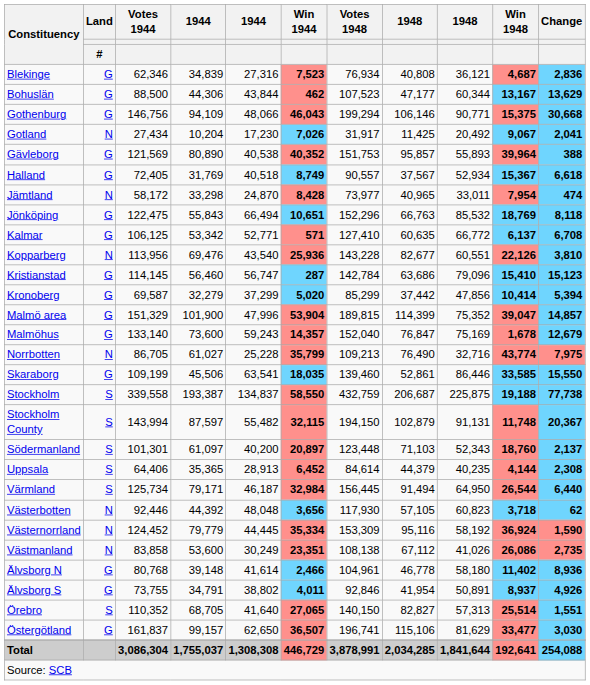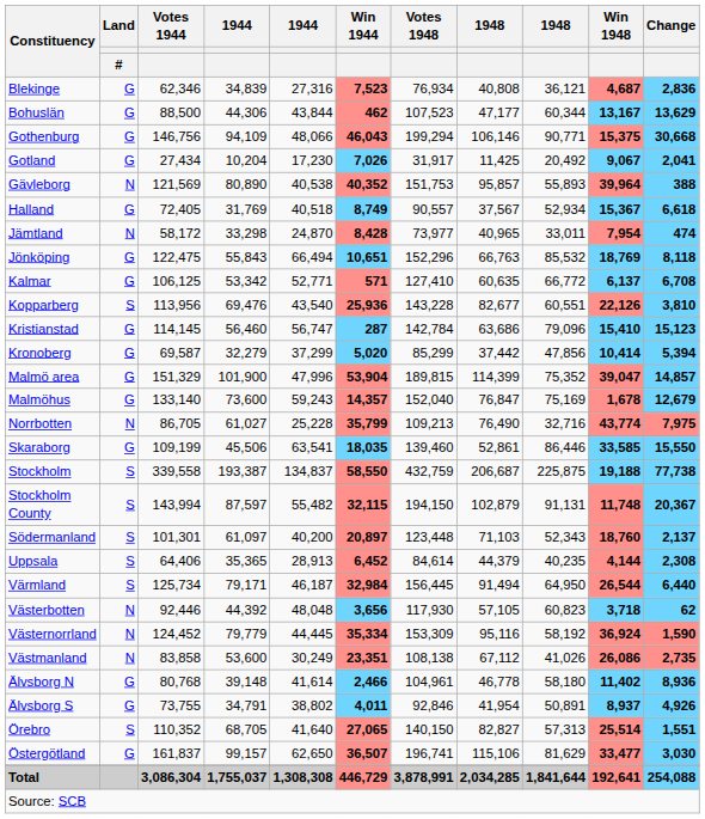 <table class="wikitable sortable" style="text-align:right; font-size:95%; line-height:20px;">
 <tr>
 <th rowspan="3">Constituency</th>
 <th>Land</th>
 <th width="30px" class="unsortable">Votes 1944</th>
 <th> 1944</th>
 <th> 1944</th>
 <th width="30px" class="unsortable">Win 1944</th>
 <th width="30px" class="unsortable">Votes 1948</th>
 <th> 1948</th>
 <th> 1948</th>
 <th width="30px" class="unsortable">Win 1948</th>
 <th width="30px" class="unsortable">Change</th>
 </tr>
 <tr>
 <th></th>
 <th></th>
 <th style="background:"></th>
 <th style="background:"></th>
 <th></th>
 <th></th>
 <th style="background:"></th>
 <th style="background:"></th>
 <th></th>
 <th></th>
 </tr>
 <tr>
 <th data-sort-type="number">#</th>
 <th data-sort-type="number"></th>
 <th data-sort-type="number"></th>
 <th data-sort-type="number"></th>
 <th data-sort-type="number"></th>
 <th data-sort-type="number"></th>
 <th data-sort-type="number"></th>
 <th data-sort-type="number"></th>
 <th data-sort-type="number"></th>
 <th data-sort-type="number"></th>
 </tr>
 <tr>
 <td align="left"><a href='#'>Blekinge</a></td>
 <td><a href='#'>G</a></td>
 <td>62,346</td>
 <td>34,839</td>
 <td>27,316</td>
 <td bgcolor=#ff908c><strong>7,523</strong></td>
 <td>76,934</td>
 <td>40,808</td>
 <td>36,121</td>
 <td bgcolor=#ff908c><strong>4,687</strong></td>
 <td bgcolor=#6fd5fe><strong>2,836</strong></td>
 </tr>
 <tr>
 <td align="left"><a href='#'>Bohuslän</a></td>
 <td><a href='#'>G</a></td>
 <td>88,500</td>
 <td>44,306</td>
 <td>43,844</td>
 <td bgcolor=#ff908c><strong>462</strong></td>
 <td>107,523</td>
 <td>47,177</td>
 <td>60,344</td>
 <td bgcolor=#6fd5fe><strong>13,167</strong></td>
 <td bgcolor=#6fd5fe><strong>13,629</strong></td>
 </tr>
 <tr>
 <td align="left"><a href='#'>Gothenburg</a></td>
 <td><a href='#'>G</a></td>
 <td>146,756</td>
 <td>94,109</td>
 <td>48,066</td>
 <td bgcolor=#ff908c><strong>46,043</strong></td>
 <td>199,294</td>
 <td>106,146</td>
 <td>90,771</td>
 <td bgcolor=#ff908c><strong>15,375</strong></td>
 <td bgcolor=#6fd5fe><strong>30,668</strong></td>
 </tr>
 <tr>
 <td align="left"><a href='#'>Gotland</a></td>
-<td><a href='#'>N</a></td>
+<td><a href='#'>G</a></td>
 <td>27,434</td>
 <td>10,204</td>
 <td>17,230</td>
 <td bgcolor=#6fd5fe><strong>7,026</strong></td>
 <td>31,917</td>
 <td>11,425</td>
 <td>20,492</td>
 <td bgcolor=#6fd5fe><strong>9,067</strong></td>
 <td bgcolor=#6fd5fe><strong>2,041</strong></td>
 </tr>
 <tr>
 <td align="left"><a href='#'>Gävleborg</a></td>
-<td><a href='#'>G</a></td>
+<td><a href='#'>N</a></td>
 <td>121,569</td>
 <td>80,890</td>
 <td>40,538</td>
 <td bgcolor=#ff908c><strong>40,352</strong></td>
 <td>151,753</td>
 <td>95,857</td>
 <td>55,893</td>
 <td bgcolor=#ff908c><strong>39,964</strong></td>
 <td bgcolor=#6fd5fe><strong>388</strong></td>
 </tr>
 <tr>
 <td align="left"><a href='#'>Halland</a></td>
 <td><a href='#'>G</a></td>
 <td>72,405</td>
 <td>31,769</td>
 <td>40,518</td>
 <td bgcolor=#6fd5fe><strong>8,749</strong></td>
 <td>90,557</td>
 <td>37,567</td>
 <td>52,934</td>
 <td bgcolor=#6fd5fe><strong>15,367</strong></td>
 <td bgcolor=#6fd5fe><strong>6,618</strong></td>
 </tr>
 <tr>
 <td align="left"><a href='#'>Jämtland</a></td>
 <td><a href='#'>N</a></td>
 <td>58,172</td>
 <td>33,298</td>
 <td>24,870</td>
 <td bgcolor=#ff908c><strong>8,428</strong></td>
 <td>73,977</td>
 <td>40,965</td>
 <td>33,011</td>
 <td bgcolor=#ff908c><strong>7,954</strong></td>
 <td bgcolor=#6fd5fe><strong>474</strong></td>
 </tr>
 <tr>
 <td align="left"><a href='#'>Jönköping</a></td>
 <td><a href='#'>G</a></td>
 <td>122,475</td>
 <td>55,843</td>
 <td>66,494</td>
 <td bgcolor=#6fd5fe><strong>10,651</strong></td>
 <td>152,296</td>
 <td>66,763</td>
 <td>85,532</td>
 <td bgcolor=#6fd5fe><strong>18,769</strong></td>
 <td bgcolor=#6fd5fe><strong>8,118</strong></td>
 </tr>
 <tr>
 <td align="left"><a href='#'>Kalmar</a></td>
 <td><a href='#'>G</a></td>
 <td>106,125</td>
 <td>53,342</td>
 <td>52,771</td>
 <td bgcolor=#ff908c><strong>571</strong></td>
 <td>127,410</td>
 <td>60,635</td>
 <td>66,772</td>
 <td bgcolor=#6fd5fe><strong>6,137</strong></td>
 <td bgcolor=#6fd5fe><strong>6,708</strong></td>
 </tr>
 <tr>
 <td align="left"><a href='#'>Kopparberg</a></td>
-<td><a href='#'>N</a></td>
+<td><a href='#'>S</a></td>
 <td>113,956</td>
 <td>69,476</td>
 <td>43,540</td>
 <td bgcolor=#ff908c><strong>25,936</strong></td>
 <td>143,228</td>
 <td>82,677</td>
 <td>60,551</td>
 <td bgcolor=#ff908c><strong>22,126</strong></td>
 <td bgcolor=#6fd5fe><strong>3,810</strong></td>
 </tr>
 <tr>
 <td align="left"><a href='#'>Kristianstad</a></td>
 <td><a href='#'>G</a></td>
 <td>114,145</td>
 <td>56,460</td>
 <td>56,747</td>
 <td bgcolor=#6fd5fe><strong>287</strong></td>
 <td>142,784</td>
 <td>63,686</td>
 <td>79,096</td>
 <td bgcolor=#6fd5fe><strong>15,410</strong></td>
 <td bgcolor=#6fd5fe><strong>15,123</strong></td>
 </tr>
 <tr>
 <td align="left"><a href='#'>Kronoberg</a></td>
 <td><a href='#'>G</a></td>
 <td>69,587</td>
 <td>32,279</td>
 <td>37,299</td>
 <td bgcolor=#6fd5fe><strong>5,020</strong></td>
 <td>85,299</td>
 <td>37,442</td>
 <td>47,856</td>
 <td bgcolor=#6fd5fe><strong>10,414</strong></td>
 <td bgcolor=#6fd5fe><strong>5,394</strong></td>
 </tr>
 <tr>
 <td align="left"><a href='#'>Malmö area</a></td>
 <td><a href='#'>G</a></td>
 <td>151,329</td>
 <td>101,900</td>
 <td>47,996</td>
 <td bgcolor=#ff908c><strong>53,904</strong></td>
 <td>189,815</td>
 <td>114,399</td>
 <td>75,352</td>
 <td bgcolor=#ff908c><strong>39,047</strong></td>
 <td bgcolor=#6fd5fe><strong>14,857</strong></td>
 </tr>
 <tr>
 <td align="left"><a href='#'>Malmöhus</a></td>
 <td><a href='#'>G</a></td>
 <td>133,140</td>
 <td>73,600</td>
 <td>59,243</td>
 <td bgcolor=#ff908c><strong>14,357</strong></td>
 <td>152,040</td>
 <td>76,847</td>
 <td>75,169</td>
 <td bgcolor=#ff908c><strong>1,678</strong></td>
 <td bgcolor=#6fd5fe><strong>12,679</strong></td>
 </tr>
 <tr>
 <td align="left"><a href='#'>Norrbotten</a></td>
 <td><a href='#'>N</a></td>
 <td>86,705</td>
 <td>61,027</td>
 <td>25,228</td>
 <td bgcolor=#ff908c><strong>35,799</strong></td>
 <td>109,213</td>
 <td>76,490</td>
 <td>32,716</td>
 <td bgcolor=#ff908c><strong>43,774</strong></td>
 <td bgcolor=#ff908c><strong>7,975</strong></td>
 </tr>
 <tr>
 <td align="left"><a href='#'>Skaraborg</a></td>
 <td><a href='#'>G</a></td>
 <td>109,199</td>
 <td>45,506</td>
 <td>63,541</td>
 <td bgcolor=#6fd5fe><strong>18,035</strong></td>
 <td>139,460</td>
 <td>52,861</td>
 <td>86,446</td>
 <td bgcolor=#6fd5fe><strong>33,585</strong></td>
 <td bgcolor=#6fd5fe><strong>15,550</strong></td>
 </tr>
 <tr>
 <td align="left"><a href='#'>Stockholm</a></td>
 <td><a href='#'>S</a></td>
 <td>339,558</td>
 <td>193,387</td>
 <td>134,837</td>
 <td bgcolor=#ff908c><strong>58,550</strong></td>
 <td>432,759</td>
 <td>206,687</td>
 <td>225,875</td>
 <td bgcolor=#6fd5fe><strong>19,188</strong></td>
 <td bgcolor=#6fd5fe><strong>77,738</strong></td>
 </tr>
 <tr>
 <td align="left"><a href='#'>Stockholm County</a></td>
 <td><a href='#'>S</a></td>
 <td>143,994</td>
 <td>87,597</td>
 <td>55,482</td>
 <td bgcolor=#ff908c><strong>32,115</strong></td>
 <td>194,150</td>
 <td>102,879</td>
 <td>91,131</td>
 <td bgcolor=#ff908c><strong>11,748</strong></td>
 <td bgcolor=#6fd5fe><strong>20,367</strong></td>
 </tr>
 <tr>
 <td align="left"><a href='#'>Södermanland</a></td>
 <td><a href='#'>S</a></td>
 <td>101,301</td>
 <td>61,097</td>
 <td>40,200</td>
 <td bgcolor=#ff908c><strong>20,897</strong></td>
 <td>123,448</td>
 <td>71,103</td>
 <td>52,343</td>
 <td bgcolor=#ff908c><strong>18,760</strong></td>
 <td bgcolor=#6fd5fe><strong>2,137</strong></td>
 </tr>
 <tr>
 <td align="left"><a href='#'>Uppsala</a></td>
 <td><a href='#'>S</a></td>
 <td>64,406</td>
 <td>35,365</td>
 <td>28,913</td>
 <td bgcolor=#ff908c><strong>6,452</strong></td>
 <td>84,614</td>
 <td>44,379</td>
 <td>40,235</td>
 <td bgcolor=#ff908c><strong>4,144</strong></td>
 <td bgcolor=#6fd5fe><strong>2,308</strong></td>
 </tr>
 <tr>
 <td align="left"><a href='#'>Värmland</a></td>
 <td><a href='#'>S</a></td>
 <td>125,734</td>
 <td>79,171</td>
 <td>46,187</td>
 <td bgcolor=#ff908c><strong>32,984</strong></td>
 <td>156,445</td>
 <td>91,494</td>
 <td>64,950</td>
 <td bgcolor=#ff908c><strong>26,544</strong></td>
 <td bgcolor=#6fd5fe><strong>6,440</strong></td>
 </tr>
 <tr>
 <td align="left"><a href='#'>Västerbotten</a></td>
 <td><a href='#'>N</a></td>
 <td>92,446</td>
 <td>44,392</td>
 <td>48,048</td>
 <td bgcolor=#6fd5fe><strong>3,656</strong></td>
 <td>117,930</td>
 <td>57,105</td>
 <td>60,823</td>
 <td bgcolor=#6fd5fe><strong>3,718</strong></td>
 <td bgcolor=#6fd5fe><strong>62</strong></td>
 </tr>
 <tr>
 <td align="left"><a href='#'>Västernorrland</a></td>
 <td><a href='#'>N</a></td>
 <td>124,452</td>
 <td>79,779</td>
 <td>44,445</td>
 <td bgcolor=#ff908c><strong>35,334</strong></td>
 <td>153,309</td>
 <td>95,116</td>
 <td>58,192</td>
 <td bgcolor=#ff908c><strong>36,924</strong></td>
 <td bgcolor=#ff908c><strong>1,590</strong></td>
 </tr>
 <tr>
 <td align="left"><a href='#'>Västmanland</a></td>
 <td><a href='#'>N</a></td>
 <td>83,858</td>
 <td>53,600</td>
 <td>30,249</td>
 <td bgcolor=#ff908c><strong>23,351</strong></td>
 <td>108,138</td>
 <td>67,112</td>
 <td>41,026</td>
 <td bgcolor=#ff908c><strong>26,086</strong></td>
 <td bgcolor=#ff908c><strong>2,735</strong></td>
 </tr>
 <tr>
 <td align="left"><a href='#'>Älvsborg N</a></td>
 <td><a href='#'>G</a></td>
 <td>80,768</td>
 <td>39,148</td>
 <td>41,614</td>
 <td bgcolor=#6fd5fe><strong>2,466</strong></td>
 <td>104,961</td>
 <td>46,778</td>
 <td>58,180</td>
 <td bgcolor=#6fd5fe><strong>11,402</strong></td>
 <td bgcolor=#6fd5fe><strong>8,936</strong></td>
 </tr>
 <tr>
 <td align="left"><a href='#'>Älvsborg S</a></td>
 <td><a href='#'>G</a></td>
 <td>73,755</td>
 <td>34,791</td>
 <td>38,802</td>
 <td bgcolor=#6fd5fe><strong>4,011</strong></td>
 <td>92,846</td>
 <td>41,954</td>
 <td>50,891</td>
 <td bgcolor=#6fd5fe><strong>8,937</strong></td>
 <td bgcolor=#6fd5fe><strong>4,926</strong></td>
 </tr>
 <tr>
 <td align="left"><a href='#'>Örebro</a></td>
 <td><a href='#'>S</a></td>
 <td>110,352</td>
 <td>68,705</td>
 <td>41,640</td>
 <td bgcolor=#ff908c><strong>27,065</strong></td>
 <td>140,150</td>
 <td>82,827</td>
 <td>57,313</td>
 <td bgcolor=#ff908c><strong>25,514</strong></td>
 <td bgcolor=#6fd5fe><strong>1,551</strong></td>
 </tr>
 <tr>
 <td align="left"><a href='#'>Östergötland</a></td>
 <td><a href='#'>G</a></td>
 <td>161,837</td>
 <td>99,157</td>
 <td>62,650</td>
 <td bgcolor=#ff908c><strong>36,507</strong></td>
 <td>196,741</td>
 <td>115,106</td>
 <td>81,629</td>
 <td bgcolor=#ff908c><strong>33,477</strong></td>
 <td bgcolor=#6fd5fe><strong>3,030</strong></td>
 </tr>
 <tr>
 </tr>
 <tr style="background:#CDCDCD;">
 <td align="left"><strong>Total</strong></td>
 <td></td>
 <td><strong>3,086,304</strong></td>
 <td><strong>1,755,037</strong></td>
 <td><strong>1,308,308</strong></td>
 <td bgcolor=#ff908c><strong>446,729</strong></td>
 <td><strong>3,878,991</strong></td>
 <td><strong>2,034,285</strong></td>
 <td><strong>1,841,644</strong></td>
 <td bgcolor=#ff908c><strong>192,641</strong></td>
 <td bgcolor=#6fd5fe><strong>254,088</strong></td>
 </tr>
 <tr>
 <td colspan="11" align="left">Source: <a href='#'>SCB</a></td>
 </tr>
 </table>
